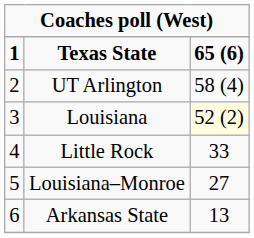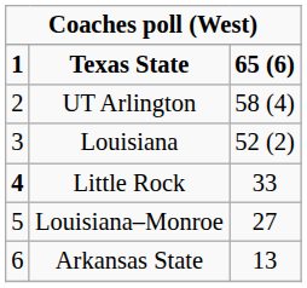 <table class="wikitable">
 <tr align="center">
 <td align="center" Colspan="3"><strong>Coaches poll (West)</strong></td>
 </tr>
 <tr align="center">
 </tr>
 <tr align="center">
 <td><strong>1</strong></td>
 <td><strong>Texas State</strong></td>
 <td><strong>65 (6)</strong></td>
 </tr>
 <tr align="center">
 <td>2</td>
 <td>UT Arlington</td>
 <td>58 (4)</td>
 </tr>
 <tr align="center">
 <td>3</td>
 <td>Louisiana</td>
-<td style="background: lightyellow;">52 (2)</td>
+<td>52 (2)</td>
 </tr>
 <tr align="center">
-<td>4</td>
+<td><strong>4</strong></td>
 <td>Little Rock</td>
 <td>33</td>
 </tr>
 <tr align="center">
 <td>5</td>
 <td>Louisiana–Monroe</td>
 <td>27</td>
 </tr>
 <tr align="center">
 <td>6</td>
 <td>Arkansas State</td>
 <td>13</td>
 </tr>
 <tr align="center">
 </tr>
 </table>
